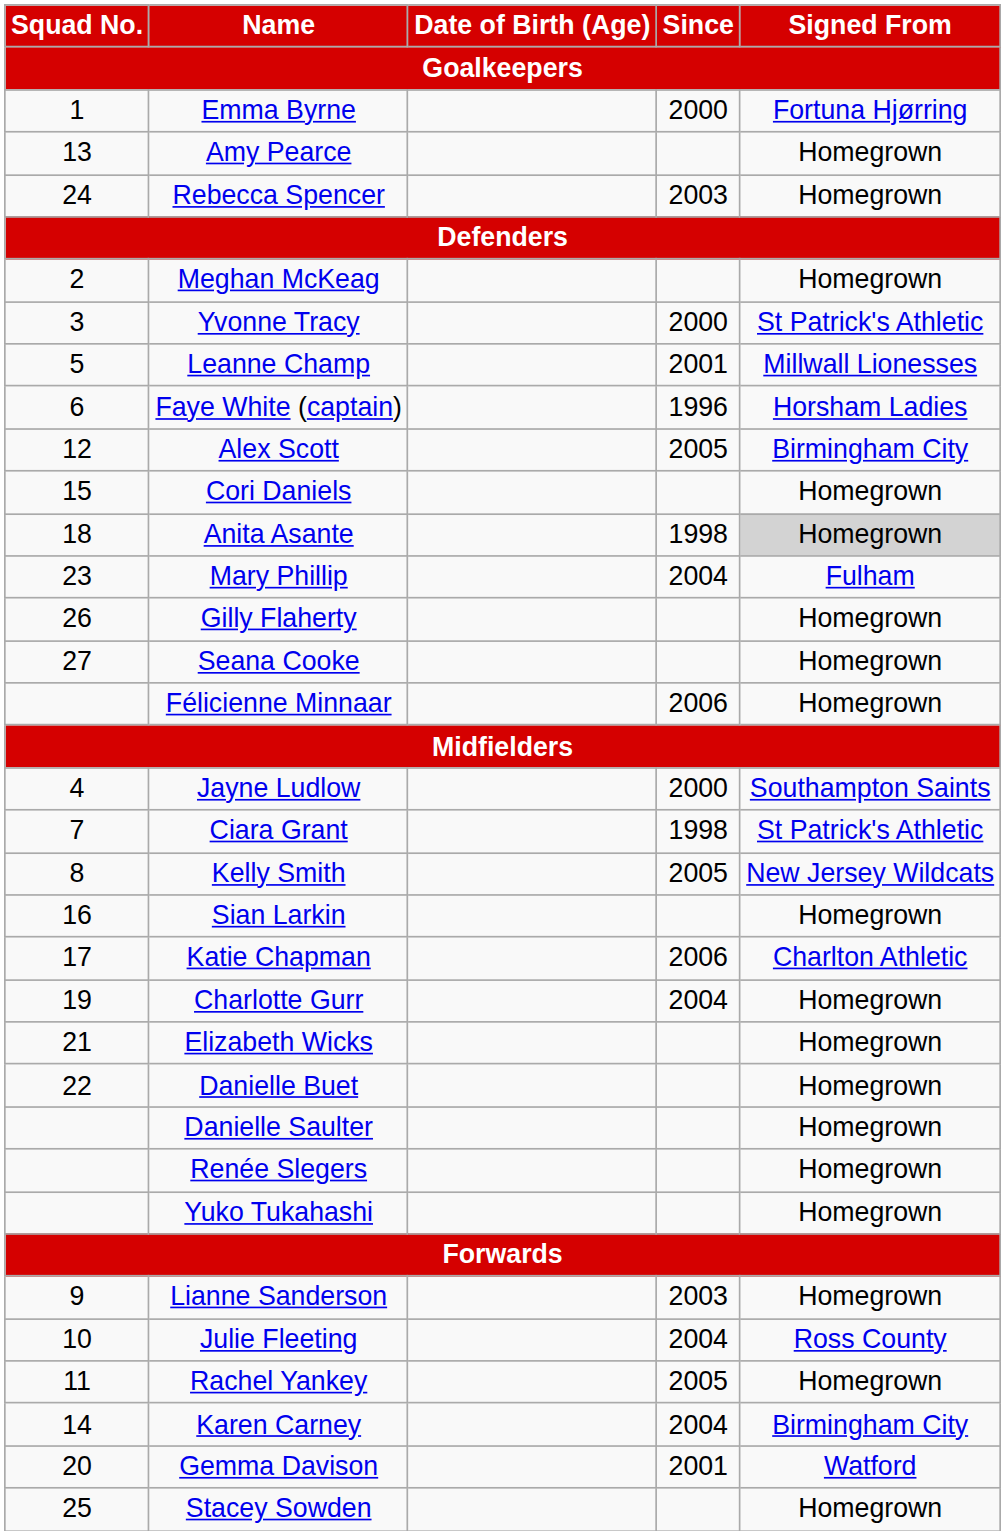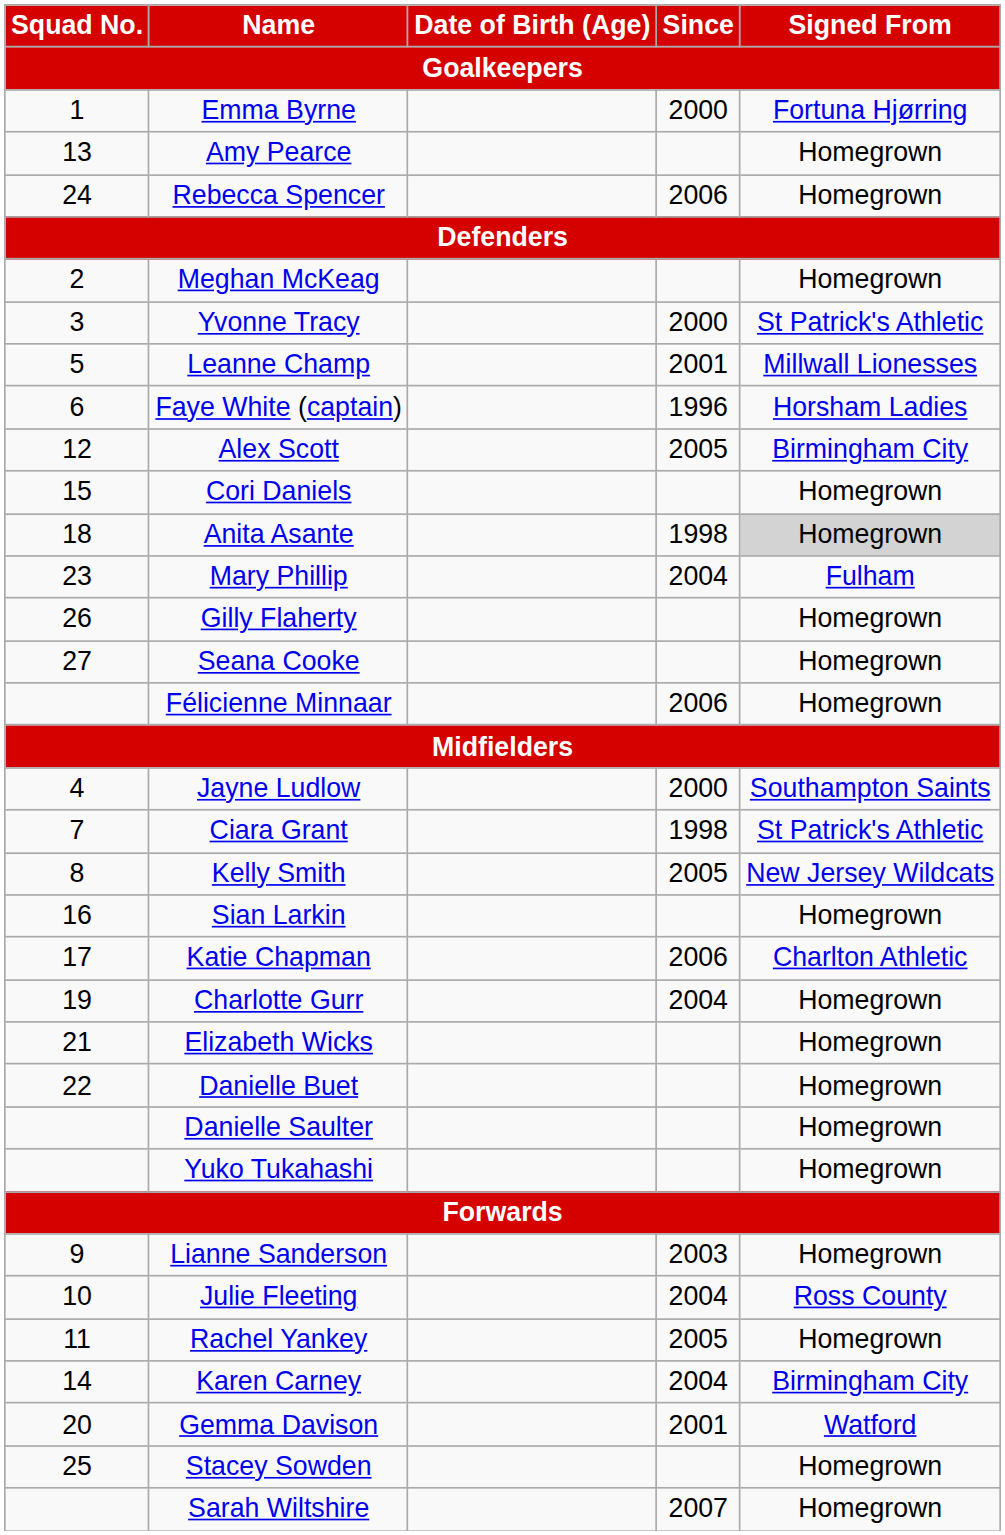 <table class="wikitable" style="text-align:center; font-size:100%; ">
 <tr>
 <th style="background:#d50000; color:white; text-align:center;">Squad No.</th>
 <th style="background:#d50000; color:white; text-align:center;">Name</th>
 <th style="background:#d50000; color:white; text-align:center;">Date of Birth (Age)</th>
 <th style="background:#d50000; color:white; text-align:center;">Since</th>
 <th style="background:#d50000; color:white; text-align:center;">Signed From</th>
 </tr>
 <tr>
 <th colspan="5" style="background:#d50000; color:white; text-align:center">Goalkeepers</th>
 </tr>
 <tr>
 <td>1</td>
 <td> <a href='#'>Emma Byrne</a></td>
 <td></td>
 <td>2000</td>
 <td> <a href='#'>Fortuna Hjørring</a></td>
 </tr>
 <tr>
 <td>13</td>
 <td> <a href='#'>Amy Pearce</a></td>
 <td></td>
 <td></td>
 <td>Homegrown</td>
 </tr>
 <tr>
 <td>24</td>
 <td><em></em> <a href='#'>Rebecca Spencer</a></td>
 <td></td>
-<td>2003</td>
+<td>2006</td>
 <td>Homegrown</td>
 </tr>
 <tr>
 <th colspan="5" style="background:#d50000; color:white; text-align:center">Defenders</th>
 </tr>
 <tr>
 <td>2</td>
 <td> <a href='#'>Meghan McKeag</a></td>
 <td></td>
 <td></td>
 <td>Homegrown</td>
 </tr>
 <tr>
 <td>3</td>
 <td> <a href='#'>Yvonne Tracy</a></td>
 <td></td>
 <td>2000</td>
 <td> <a href='#'>St Patrick's Athletic</a></td>
 </tr>
 <tr>
 <td>5</td>
 <td> <a href='#'>Leanne Champ</a></td>
 <td></td>
 <td>2001</td>
 <td> <a href='#'>Millwall Lionesses</a></td>
 </tr>
 <tr>
 <td>6</td>
 <td> <a href='#'>Faye White</a> (<a href='#'>captain</a>)</td>
 <td></td>
 <td>1996</td>
 <td> <a href='#'>Horsham Ladies</a></td>
 </tr>
 <tr>
 <td>12</td>
 <td> <a href='#'>Alex Scott</a></td>
 <td></td>
 <td>2005</td>
 <td> <a href='#'>Birmingham City</a></td>
 </tr>
 <tr>
 <td>15</td>
 <td> <a href='#'>Cori Daniels</a></td>
 <td></td>
 <td></td>
 <td>Homegrown</td>
 </tr>
 <tr>
 <td>18</td>
 <td> <a href='#'>Anita Asante</a></td>
 <td></td>
 <td>1998</td>
 <td style="background: lightgrey;">Homegrown</td>
 </tr>
 <tr>
 <td>23</td>
 <td> <a href='#'>Mary Phillip</a></td>
 <td></td>
 <td>2004</td>
 <td> <a href='#'>Fulham</a></td>
 </tr>
 <tr>
 <td>26</td>
 <td> <a href='#'>Gilly Flaherty</a></td>
 <td></td>
 <td></td>
 <td>Homegrown</td>
 </tr>
 <tr>
 <td>27</td>
 <td> <a href='#'>Seana Cooke</a></td>
 <td></td>
 <td></td>
 <td>Homegrown</td>
 </tr>
 <tr>
 <td></td>
 <td> <a href='#'>Félicienne Minnaar</a></td>
 <td></td>
 <td>2006</td>
 <td>Homegrown</td>
 </tr>
 <tr>
 <th colspan="5" style="background:#d50000; color:white; text-align:center">Midfielders</th>
 </tr>
 <tr>
 <td>4</td>
 <td> <a href='#'>Jayne Ludlow</a></td>
 <td></td>
 <td>2000</td>
 <td><em></em> <a href='#'>Southampton Saints</a></td>
 </tr>
 <tr>
 <td>7</td>
 <td> <a href='#'>Ciara Grant</a></td>
 <td></td>
 <td>1998</td>
 <td> <a href='#'>St Patrick's Athletic</a></td>
 </tr>
 <tr>
 <td>8</td>
 <td> <a href='#'>Kelly Smith</a></td>
 <td></td>
 <td>2005</td>
 <td> <a href='#'>New Jersey Wildcats</a></td>
 </tr>
 <tr>
 <td>16</td>
 <td> <a href='#'>Sian Larkin</a></td>
 <td></td>
 <td></td>
 <td>Homegrown</td>
 </tr>
 <tr>
 <td>17</td>
 <td><em></em> <a href='#'>Katie Chapman</a></td>
 <td></td>
 <td>2006</td>
 <td> <a href='#'>Charlton Athletic</a></td>
 </tr>
 <tr>
 <td>19</td>
 <td> <a href='#'>Charlotte Gurr</a></td>
 <td></td>
 <td>2004</td>
 <td>Homegrown</td>
 </tr>
 <tr>
 <td>21</td>
 <td> <a href='#'>Elizabeth Wicks</a></td>
 <td></td>
 <td></td>
 <td>Homegrown</td>
 </tr>
 <tr>
 <td>22</td>
 <td> <a href='#'>Danielle Buet</a></td>
 <td></td>
 <td></td>
 <td>Homegrown</td>
 </tr>
 <tr>
 <td></td>
 <td> <a href='#'>Danielle Saulter</a></td>
 <td></td>
 <td></td>
 <td>Homegrown</td>
 </tr>
 <tr>
 <td></td>
-<td> <a href='#'>Renée Slegers</a></td>
-<td></td>
-<td></td>
-<td>Homegrown</td>
-</tr>
-<tr>
-<td></td>
 <td> <a href='#'>Yuko Tukahashi</a></td>
 <td></td>
 <td></td>
 <td>Homegrown</td>
 </tr>
 <tr>
 <th colspan="5" style="background:#d50000; color:white; text-align:center">Forwards</th>
 </tr>
 <tr>
 <td>9</td>
 <td> <a href='#'>Lianne Sanderson</a></td>
 <td></td>
 <td>2003</td>
 <td>Homegrown</td>
 </tr>
 <tr>
 <td>10</td>
 <td> <a href='#'>Julie Fleeting</a></td>
 <td></td>
 <td>2004</td>
 <td> <a href='#'>Ross County</a></td>
 </tr>
 <tr>
 <td>11</td>
 <td> <a href='#'>Rachel Yankey</a></td>
 <td></td>
 <td>2005</td>
 <td>Homegrown</td>
 </tr>
 <tr>
 <td>14</td>
 <td> <a href='#'>Karen Carney</a></td>
 <td></td>
 <td>2004</td>
 <td> <a href='#'>Birmingham City</a></td>
 </tr>
 <tr>
 <td>20</td>
 <td> <a href='#'>Gemma Davison</a></td>
 <td></td>
 <td>2001</td>
 <td> <a href='#'>Watford</a></td>
 </tr>
 <tr>
 <td>25</td>
 <td> <a href='#'>Stacey Sowden</a></td>
 <td></td>
 <td></td>
 <td>Homegrown</td>
 </tr>
+<tr>
+<td></td>
+<td> <a href='#'>Sarah Wiltshire</a></td>
+<td></td>
+<td>2007</td>
+<td>Homegrown</td>
+</tr>
 </table>
